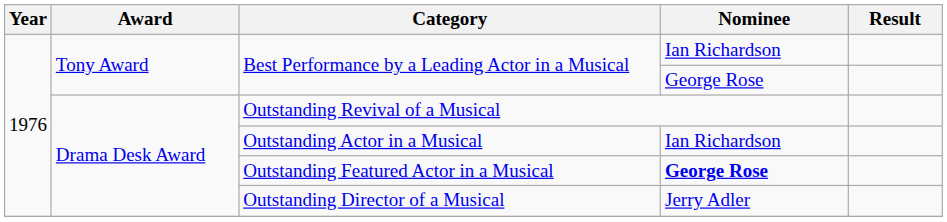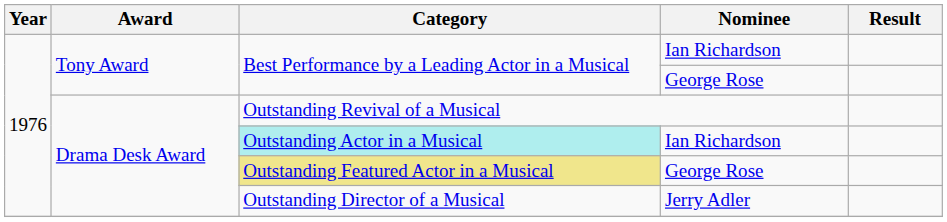 <table class="wikitable">
 <tr>
 <th width="5%">Year</th>
 <th width="20%">Award</th>
 <th width="45%">Category</th>
 <th width="20%">Nominee</th>
 <th width="10%">Result</th>
 </tr>
 <tr>
 <td rowspan="6" align="center">1976</td>
 <td rowspan="2"><a href='#'>Tony Award</a></td>
 <td rowspan="2"><a href='#'>Best Performance by a Leading Actor in a Musical</a></td>
 <td><a href='#'>Ian Richardson</a></td>
 <td></td>
 </tr>
 <tr>
 <td><a href='#'>George Rose</a></td>
 <td></td>
 </tr>
 <tr>
 <td rowspan="4"><a href='#'>Drama Desk Award</a></td>
 <td colspan="2"><a href='#'>Outstanding Revival of a Musical</a></td>
 <td></td>
 </tr>
 <tr>
-<td><a href='#'>Outstanding Actor in a Musical</a></td>
+<td style="background: paleturquoise;"><a href='#'>Outstanding Actor in a Musical</a></td>
 <td><a href='#'>Ian Richardson</a></td>
 <td></td>
 </tr>
 <tr>
-<td><a href='#'>Outstanding Featured Actor in a Musical</a></td>
-<td><strong><a href='#'>George Rose</a></strong></td>
+<td style="background: khaki;"><a href='#'>Outstanding Featured Actor in a Musical</a></td>
+<td><a href='#'>George Rose</a></td>
 <td></td>
 </tr>
 <tr>
 <td><a href='#'>Outstanding Director of a Musical</a></td>
 <td><a href='#'>Jerry Adler</a></td>
 <td></td>
 </tr>
 <tr>
 </tr>
 </table>
